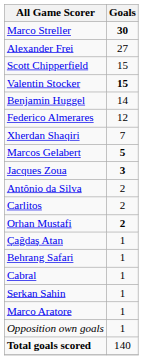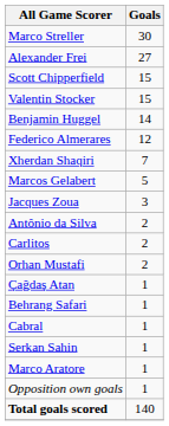 <table class="wikitable">
 <tr>
 <th>All Game Scorer</th>
 <th>Goals</th>
 </tr>
 <tr>
 <td> <a href='#'>Marco Streller</a></td>
-<td style="text-align:center;"><strong>30</strong></td>
+<td style="text-align:center;">30</td>
 </tr>
 <tr>
 <td> <a href='#'>Alexander Frei</a></td>
 <td style="text-align:center;">27</td>
 </tr>
 <tr>
 <td> <a href='#'>Scott Chipperfield</a></td>
 <td style="text-align:center;">15</td>
 </tr>
 <tr>
 <td> <a href='#'>Valentin Stocker</a></td>
-<td style="text-align:center;"><strong>15</strong></td>
+<td style="text-align:center;">15</td>
 </tr>
 <tr>
 <td> <a href='#'>Benjamin Huggel</a></td>
 <td style="text-align:center;">14</td>
 </tr>
 <tr>
 <td> <a href='#'>Federico Almerares</a></td>
 <td style="text-align:center;">12</td>
 </tr>
 <tr>
 <td> <a href='#'>Xherdan Shaqiri</a></td>
 <td style="text-align:center;">7</td>
 </tr>
 <tr>
 <td> <a href='#'>Marcos Gelabert</a></td>
-<td style="text-align:center;"><strong>5</strong></td>
+<td style="text-align:center;">5</td>
 </tr>
 <tr>
 <td> <a href='#'>Jacques Zoua</a></td>
-<td style="text-align:center;"><strong>3</strong></td>
+<td style="text-align:center;">3</td>
 </tr>
 <tr>
 <td> <a href='#'>Antônio da Silva</a></td>
 <td style="text-align:center;">2</td>
 </tr>
 <tr>
 <td> <a href='#'>Carlitos</a></td>
 <td style="text-align:center;">2</td>
 </tr>
 <tr>
 <td> <a href='#'>Orhan Mustafi</a></td>
-<td style="text-align:center;"><strong>2</strong></td>
+<td style="text-align:center;">2</td>
 </tr>
 <tr>
 <td> <a href='#'>Çağdaş Atan</a></td>
 <td style="text-align:center;">1</td>
 </tr>
 <tr>
 <td> <a href='#'>Behrang Safari</a></td>
 <td style="text-align:center;">1</td>
 </tr>
 <tr>
 <td> <a href='#'>Cabral</a></td>
 <td style="text-align:center;">1</td>
 </tr>
 <tr>
 <td> <a href='#'>Serkan Sahin</a></td>
 <td style="text-align:center;">1</td>
 </tr>
 <tr>
 <td> <a href='#'>Marco Aratore</a></td>
 <td style="text-align:center;">1</td>
 </tr>
 <tr>
 <td><em>Opposition own goals</em></td>
 <td style="text-align:center;">1</td>
 </tr>
 <tr>
 <td><strong>Total goals scored</strong></td>
 <td style="text-align:center;">140</td>
 </tr>
 <tr>
 </tr>
 </table>
